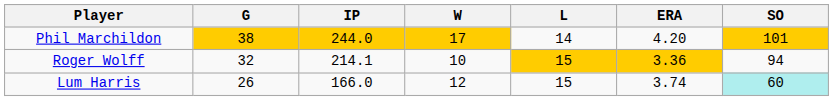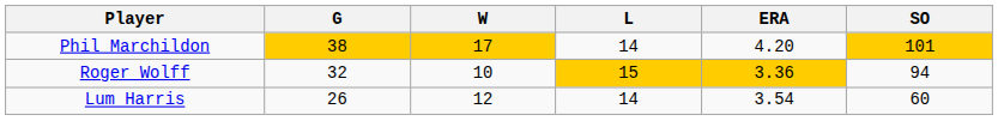 <table class="wikitable sortable">
 <tr>
 <th bgcolor="#DDDDFF" width="16%">Player</th>
 <th bgcolor="#DDDDFF" width="9%">G</th>
-<th bgcolor="#DDDDFF" width="9%">IP</th>
 <th bgcolor="#DDDDFF" width="9%">W</th>
 <th bgcolor="#DDDDFF" width="9%">L</th>
 <th bgcolor="#DDDDFF" width="9%">ERA</th>
 <th bgcolor="#DDDDFF" width="9%">SO</th>
 </tr>
 <tr align="center">
 <td><a href='#'>Phil Marchildon</a></td>
 <td style="background:#fc0;">38</td>
-<td style="background:#fc0;">244.0</td>
 <td style="background:#fc0;">17</td>
 <td>14</td>
 <td>4.20</td>
 <td style="background:#fc0;">101</td>
 </tr>
 <tr align=center>
 <td><a href='#'>Roger Wolff</a></td>
 <td>32</td>
-<td>214.1</td>
 <td>10</td>
 <td style="background:#fc0;">15</td>
 <td style="background:#fc0;">3.36</td>
 <td>94</td>
 </tr>
 <tr align=center>
 <td><a href='#'>Lum Harris</a></td>
 <td>26</td>
-<td>166.0</td>
 <td>12</td>
-<td>15</td>
-<td>3.74</td>
-<td style="background: paleturquoise;">60</td>
+<td>14</td>
+<td>3.54</td>
+<td>60</td>
 </tr>
 </table>
